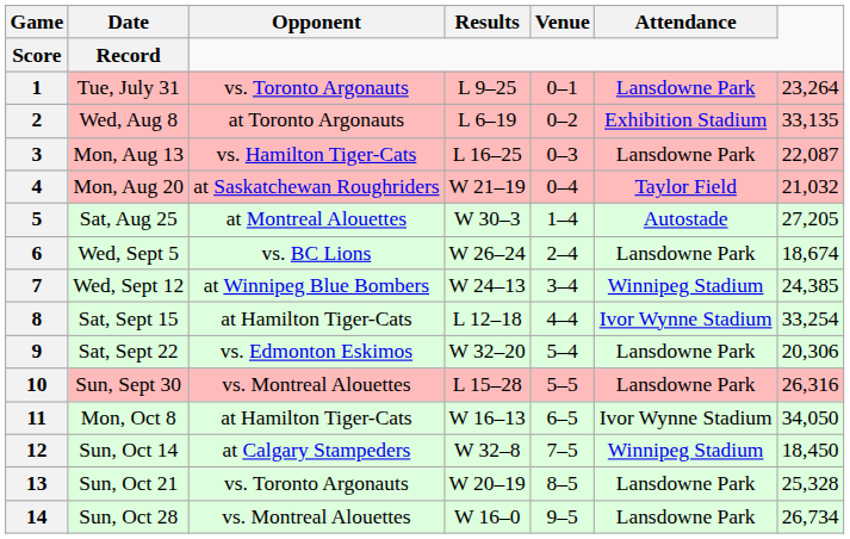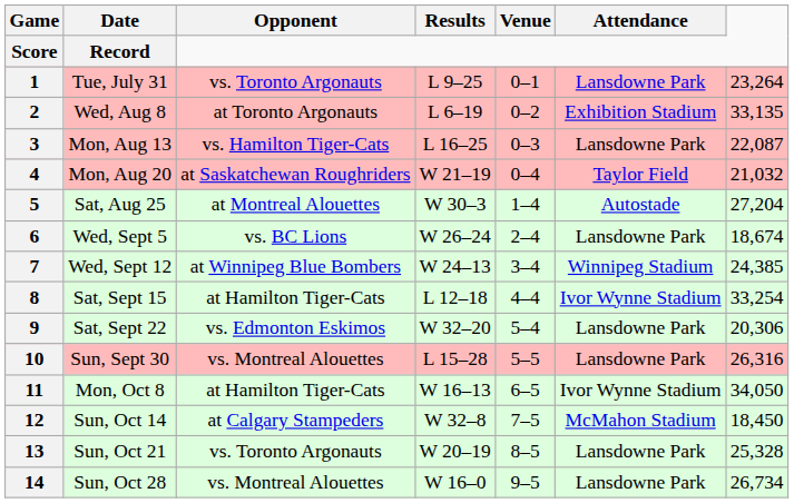 <table class="wikitable" style="text-align:center">
 <tr>
 <th>Game</th>
 <th>Date</th>
 <th>Opponent</th>
 <th>Results</th>
 <th>Venue</th>
 <th>Attendance</th>
 </tr>
 <tr>
 <th>Score</th>
 <th>Record</th>
 </tr>
 <tr style="background:#ffbbbb">
 <th>1</th>
 <td>Tue, July 31</td>
 <td>vs. <a href='#'>Toronto Argonauts</a></td>
 <td>L 9–25</td>
 <td>0–1</td>
 <td><a href='#'>Lansdowne Park</a></td>
 <td>23,264</td>
 </tr>
 <tr style="background:#ffbbbb">
 <th>2</th>
 <td>Wed, Aug 8</td>
 <td>at Toronto Argonauts</td>
 <td>L 6–19</td>
 <td>0–2</td>
 <td><a href='#'>Exhibition Stadium</a></td>
 <td>33,135</td>
 </tr>
 <tr style="background:#ffbbbb">
 <th>3</th>
 <td>Mon, Aug 13</td>
 <td>vs. <a href='#'>Hamilton Tiger-Cats</a></td>
 <td>L 16–25</td>
 <td>0–3</td>
 <td>Lansdowne Park</td>
 <td>22,087</td>
 </tr>
 <tr style="background:#ffbbbb">
 <th>4</th>
 <td>Mon, Aug 20</td>
 <td>at <a href='#'>Saskatchewan Roughriders</a></td>
 <td>W 21–19</td>
 <td>0–4</td>
 <td><a href='#'>Taylor Field</a></td>
 <td>21,032</td>
 </tr>
 <tr style="background:#ddffdd">
 <th>5</th>
 <td>Sat, Aug 25</td>
 <td>at <a href='#'>Montreal Alouettes</a></td>
 <td>W 30–3</td>
 <td>1–4</td>
 <td><a href='#'>Autostade</a></td>
-<td>27,205</td>
+<td>27,204</td>
 </tr>
 <tr style="background:#ddffdd">
 <th>6</th>
 <td>Wed, Sept 5</td>
 <td>vs. <a href='#'>BC Lions</a></td>
 <td>W 26–24</td>
 <td>2–4</td>
 <td>Lansdowne Park</td>
 <td>18,674</td>
 </tr>
 <tr style="background:#ddffdd">
 <th>7</th>
 <td>Wed, Sept 12</td>
 <td>at <a href='#'>Winnipeg Blue Bombers</a></td>
 <td>W 24–13</td>
 <td>3–4</td>
 <td><a href='#'>Winnipeg Stadium</a></td>
 <td>24,385</td>
 </tr>
 <tr style="background:#ddffdd">
 <th>8</th>
 <td>Sat, Sept 15</td>
 <td>at Hamilton Tiger-Cats</td>
 <td>L 12–18</td>
 <td>4–4</td>
 <td><a href='#'>Ivor Wynne Stadium</a></td>
 <td>33,254</td>
 </tr>
 <tr style="background:#ddffdd">
 <th>9</th>
 <td>Sat, Sept 22</td>
 <td>vs. <a href='#'>Edmonton Eskimos</a></td>
 <td>W 32–20</td>
 <td>5–4</td>
 <td>Lansdowne Park</td>
 <td>20,306</td>
 </tr>
 <tr style="background:#ffbbbb">
 <th>10</th>
 <td>Sun, Sept 30</td>
 <td>vs. Montreal Alouettes</td>
 <td>L 15–28</td>
 <td>5–5</td>
 <td>Lansdowne Park</td>
 <td>26,316</td>
 </tr>
 <tr style="background:#ddffdd">
 <th>11</th>
 <td>Mon, Oct 8</td>
 <td>at Hamilton Tiger-Cats</td>
 <td>W 16–13</td>
 <td>6–5</td>
 <td>Ivor Wynne Stadium</td>
 <td>34,050</td>
 </tr>
 <tr style="background:#ddffdd">
 <th>12</th>
 <td>Sun, Oct 14</td>
 <td>at <a href='#'>Calgary Stampeders</a></td>
 <td>W 32–8</td>
 <td>7–5</td>
-<td><a href='#'>Winnipeg Stadium</a></td>
+<td><a href='#'>McMahon Stadium</a></td>
 <td>18,450</td>
 </tr>
 <tr style="background:#ddffdd">
 <th>13</th>
 <td>Sun, Oct 21</td>
 <td>vs. Toronto Argonauts</td>
 <td>W 20–19</td>
 <td>8–5</td>
 <td>Lansdowne Park</td>
 <td>25,328</td>
 </tr>
 <tr style="background:#ddffdd">
 <th>14</th>
 <td>Sun, Oct 28</td>
 <td>vs. Montreal Alouettes</td>
 <td>W 16–0</td>
 <td>9–5</td>
 <td>Lansdowne Park</td>
 <td>26,734</td>
 </tr>
 </table>
